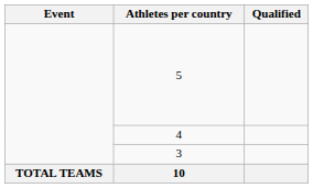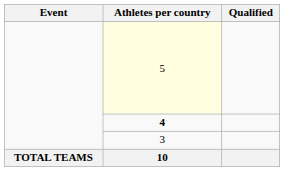 <table class=wikitable width=400>
 <tr>
 <th>Event</th>
 <th>Athletes per country</th>
 <th>Qualified</th>
 </tr>
 <tr>
 <td rowspan="3"></td>
-<td align="center">5</td>
+<td align="center" style="background: lightyellow;">5</td>
 <td><br><br><br><br><br><br><br></td>
 </tr>
 <tr>
-<td align="center">4</td>
+<td align="center"><strong>4</strong></td>
 <td></td>
 </tr>
 <tr>
 <td align="center">3</td>
 <td></td>
 </tr>
 <tr>
 <th>TOTAL TEAMS</th>
 <th>10</th>
 <th></th>
 </tr>
 </table>
